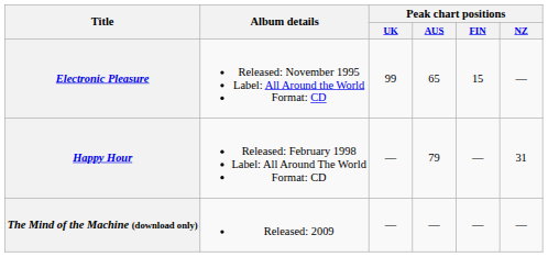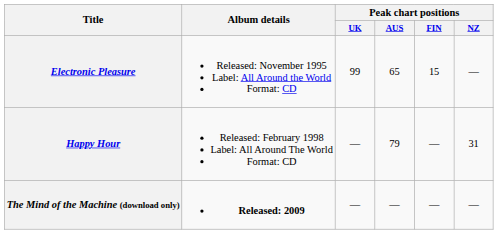 <table class="wikitable plainrowheaders" style=text-align:center;>
 <tr>
 <th rowspan="2">Title</th>
 <th rowspan="2">Album details</th>
 <th colspan="4">Peak chart positions</th>
 </tr>
 <tr>
 <th style="width:4em;font-size:85%;"><a href='#'>UK</a><br></th>
 <th style="width:4em;font-size:85%;"><a href='#'>AUS</a><br></th>
 <th style="width:4em;font-size:85%;"><a href='#'>FIN</a><br></th>
 <th style="width:4em;font-size:85%;"><a href='#'>NZ</a><br></th>
 </tr>
 <tr>
 <th scope="row"><em><a href='#'>Electronic Pleasure</a></em></th>
 <td><br><ul><li>Released: November 1995</li><li>Label: <a href='#'>All Around the World</a></li><li>Format: <a href='#'>CD</a></li></ul></td>
 <td>99</td>
 <td>65</td>
 <td>15</td>
 <td>—</td>
 </tr>
 <tr>
 <th scope="row"><em><a href='#'>Happy Hour</a></em></th>
 <td><br><ul><li>Released: February 1998</li><li>Label: All Around The World</li><li>Format: CD</li></ul></td>
 <td>—</td>
 <td>79</td>
 <td>—</td>
 <td>31</td>
 </tr>
 <tr>
 <th scope="row"><em>The Mind of the Machine</em> <small>(download only)</small></th>
-<td><br><ul><li>Released: 2009</li></ul></td>
+<td><strong><br><ul><li>Released: 2009</li></ul></strong></td>
 <td>—</td>
 <td>—</td>
 <td>—</td>
 <td>—</td>
 </tr>
 </table>
